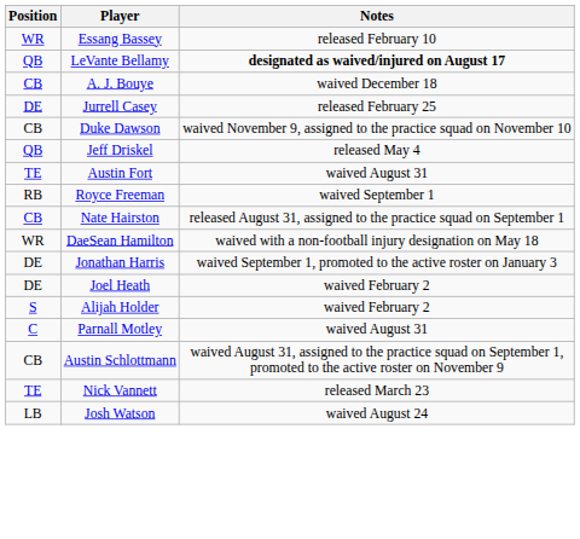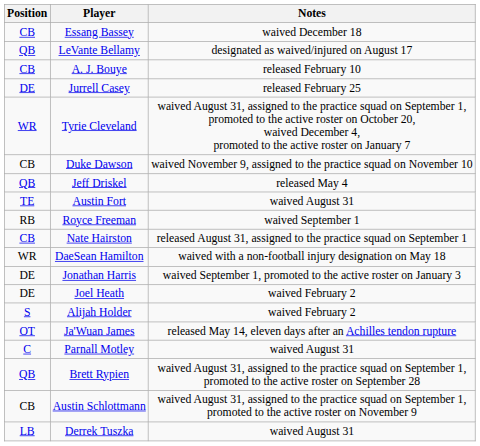 <table class="wikitable" style="text-align:center">
 <tr>
 <th>Position</th>
 <th>Player</th>
 <th>Notes</th>
 </tr>
 <tr>
-<td><a href='#'>WR</a></td>
+<td><a href='#'>CB</a></td>
 <td><a href='#'>Essang Bassey</a></td>
-<td>released February 10</td>
+<td>waived December 18</td>
 </tr>
 <tr>
 <td><a href='#'>QB</a></td>
 <td><a href='#'>LeVante Bellamy</a></td>
-<td><strong>designated as waived/injured on August 17</strong></td>
+<td>designated as waived/injured on August 17</td>
 </tr>
 <tr>
 <td><a href='#'>CB</a></td>
 <td><a href='#'>A. J. Bouye</a></td>
-<td>waived December 18</td>
+<td>released February 10</td>
 </tr>
 <tr>
 <td><a href='#'>DE</a></td>
 <td><a href='#'>Jurrell Casey</a></td>
 <td>released February 25</td>
+</tr>
+<tr>
+<td><a href='#'>WR</a></td>
+<td><a href='#'>Tyrie Cleveland</a></td>
+<td>waived August 31, assigned to the practice squad on September 1,<br>promoted to the active roster on October 20,<br>waived December 4,<br>promoted to the active roster on January 7</td>
 </tr>
 <tr>
 <td>CB</td>
 <td><a href='#'>Duke Dawson</a></td>
 <td>waived November 9, assigned to the practice squad on November 10</td>
 </tr>
 <tr>
 <td><a href='#'>QB</a></td>
 <td><a href='#'>Jeff Driskel</a></td>
 <td>released May 4</td>
 </tr>
 <tr>
 <td><a href='#'>TE</a></td>
 <td><a href='#'>Austin Fort</a></td>
 <td>waived August 31</td>
 </tr>
 <tr>
 <td>RB</td>
 <td><a href='#'>Royce Freeman</a></td>
 <td>waived September 1</td>
 </tr>
 <tr>
 <td><a href='#'>CB</a></td>
 <td><a href='#'>Nate Hairston</a></td>
 <td>released August 31, assigned to the practice squad on September 1</td>
 </tr>
 <tr>
 <td>WR</td>
 <td><a href='#'>DaeSean Hamilton</a></td>
 <td>waived with a non-football injury designation on May 18</td>
 </tr>
 <tr>
 <td>DE</td>
 <td><a href='#'>Jonathan Harris</a></td>
 <td>waived September 1, promoted to the active roster on January 3</td>
 </tr>
 <tr>
 <td>DE</td>
 <td><a href='#'>Joel Heath</a></td>
 <td>waived February 2</td>
 </tr>
 <tr>
 <td><a href='#'>S</a></td>
 <td><a href='#'>Alijah Holder</a></td>
 <td>waived February 2</td>
 </tr>
 <tr>
+<td><a href='#'>OT</a></td>
+<td><a href='#'>Ja'Wuan James</a></td>
+<td>released May 14, eleven days after an <a href='#'>Achilles tendon rupture</a></td>
+</tr>
+<tr>
 <td><a href='#'>C</a></td>
 <td><a href='#'>Parnall Motley</a></td>
 <td>waived August 31</td>
+</tr>
+<tr>
+<td><a href='#'>QB</a></td>
+<td><a href='#'>Brett Rypien</a></td>
+<td>waived August 31, assigned to the practice squad on September 1,<br>promoted to the active roster on September 28</td>
 </tr>
 <tr>
 <td>CB</td>
 <td><a href='#'>Austin Schlottmann</a></td>
 <td>waived August 31, assigned to the practice squad on September 1,<br>promoted to the active roster on November 9</td>
 </tr>
 <tr>
-<td><a href='#'>TE</a></td>
-<td><a href='#'>Nick Vannett</a></td>
-<td>released March 23</td>
-</tr>
-<tr>
-<td>LB</td>
-<td><a href='#'>Josh Watson</a></td>
-<td>waived August 24</td>
+<td><a href='#'>LB</a></td>
+<td><a href='#'>Derrek Tuszka</a></td>
+<td>waived August 31</td>
 </tr>
 </table>
